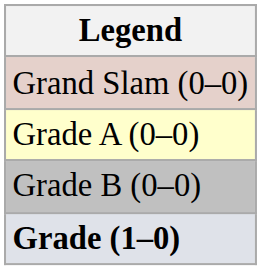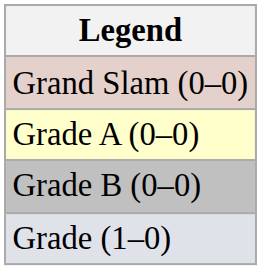 <table class=wikitable>
 <tr>
 <th>Legend</th>
 </tr>
 <tr style=background:#e5d1cb>
 <td>Grand Slam (0–0)</td>
 </tr>
 <tr style=background:#ffc>
 <td>Grade A (0–0)</td>
 </tr>
 <tr style=background:silver>
 <td>Grade B (0–0)</td>
 </tr>
 <tr style=background:#dfe2e9>
-<td><strong>Grade (1–0)</strong></td>
+<td>Grade (1–0)</td>
 </tr>
 </table>
